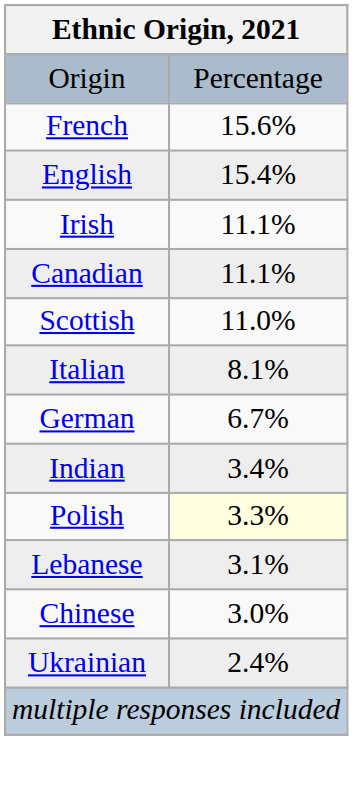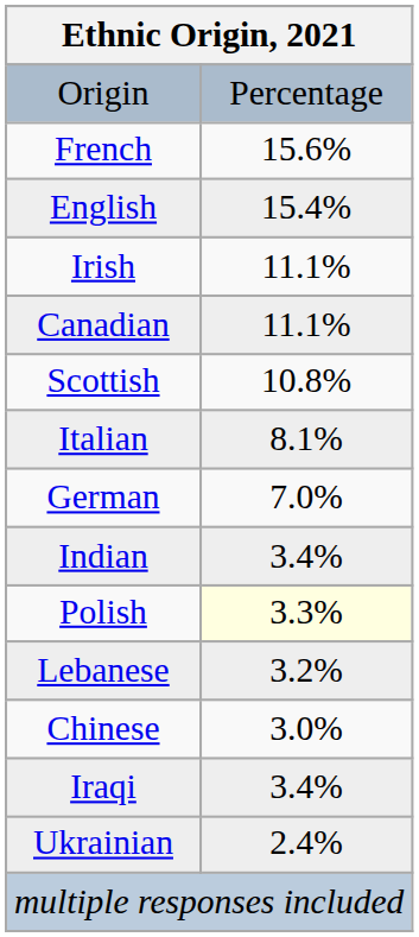 <table class="wikitable" style="float:left; margin:0 1em 1em 0; border:1px #bbb solid; border-collapse:collapse; font-size:90%;">
 <tr style="text-align:center; background:#8899aa;">
 <th colspan= "2">Ethnic Origin, 2021</th>
 </tr>
 <tr style="text-align:center; background:#abc;">
 <td>Origin</td>
 <td>Percentage</td>
 </tr>
 <tr style="text-align:center;">
 <td><a href='#'>French</a></td>
 <td>15.6%</td>
 </tr>
 <tr style="text-align:center; background:#eee;">
 <td><a href='#'>English</a></td>
 <td>15.4%</td>
 </tr>
 <tr style="text-align:center;">
 <td><a href='#'>Irish</a></td>
 <td>11.1%</td>
 </tr>
 <tr style="text-align:center; background:#eee;">
 <td><a href='#'>Canadian</a></td>
 <td>11.1%</td>
 </tr>
 <tr style="text-align:center;">
 <td><a href='#'>Scottish</a></td>
-<td>11.0%</td>
+<td>10.8%</td>
 </tr>
 <tr style="text-align:center; background:#eee;">
 <td><a href='#'>Italian</a></td>
 <td>8.1%</td>
 </tr>
 <tr style="text-align:center;">
 <td><a href='#'>German</a></td>
-<td>6.7%</td>
+<td>7.0%</td>
 </tr>
 <tr style="text-align:center; background:#eee;">
 <td><a href='#'>Indian</a></td>
 <td>3.4%</td>
 </tr>
 <tr style="text-align:center;">
 <td><a href='#'>Polish</a></td>
 <td style="background: lightyellow;">3.3%</td>
 </tr>
 <tr style="text-align:center; background:#eee;">
 <td><a href='#'>Lebanese</a></td>
-<td>3.1%</td>
+<td>3.2%</td>
 </tr>
 <tr style="text-align:center;">
 <td><a href='#'>Chinese</a></td>
 <td>3.0%</td>
+</tr>
+<tr style="text-align:center; background:#eee;">
+<td><a href='#'>Iraqi</a></td>
+<td>3.4%</td>
 </tr>
 <tr style="text-align:center; background:#eee;">
 <td><a href='#'>Ukrainian</a></td>
 <td>2.4%</td>
 </tr>
 <tr style="text-align:center; background:#bcd;">
 <td colspan="2"><em>multiple responses included</em></td>
 </tr>
 </table>
